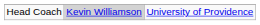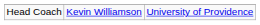 <table class="wikitable">
 <tr>
 </tr>
 <tr>
 <td>Head Coach</td>
-<td style="background: lightgrey;"><a href='#'>Kevin Williamson</a></td>
+<td><a href='#'>Kevin Williamson</a></td>
 <td><a href='#'>University of Providence</a></td>
 </tr>
 </table>
